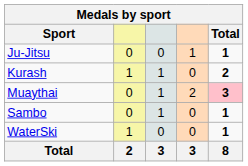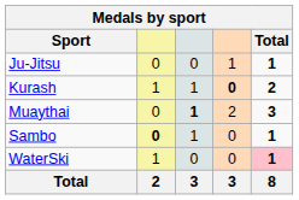 <table class="wikitable" style="font-size:90%; text-align:center;">
 <tr>
 <th colspan=5>Medals by sport</th>
 </tr>
 <tr>
 <th width=120>Sport</th>
 <th scope="col" width=30 style="background:#F7F6A8;"></th>
 <th scope="col" width=30 style="background:#DCE5E5;"></th>
 <th scope="col" width=30 style="background:#FFDAB9;"></th>
 <th width=30>Total</th>
 </tr>
 <tr>
 <td align=left> <a href='#'>Ju-Jitsu</a></td>
 <td style="background:#F7F6A8;">0</td>
 <td style="background:#DCE5E5;">0</td>
 <td style="background:#FFDAB9;">1</td>
 <td><strong>1</strong></td>
 </tr>
 <tr>
 <td align=left> <a href='#'>Kurash</a></td>
 <td style="background:#F7F6A8;">1</td>
 <td style="background:#DCE5E5;">1</td>
-<td style="background:#FFDAB9;">0</td>
+<td style="background:#FFDAB9;"><strong>0</strong></td>
 <td><strong>2</strong></td>
 </tr>
 <tr>
 <td align=left> <a href='#'>Muaythai</a></td>
 <td style="background:#F7F6A8;">0</td>
-<td style="background:#DCE5E5;">1</td>
+<td style="background:#DCE5E5;"><strong>1</strong></td>
 <td style="background:#FFDAB9;">2</td>
-<td style="background: pink;"><strong>3</strong></td>
+<td><strong>3</strong></td>
 </tr>
 <tr>
 <td align=left> <a href='#'>Sambo</a></td>
-<td style="background:#F7F6A8;">0</td>
+<td style="background:#F7F6A8;"><strong>0</strong></td>
 <td style="background:#DCE5E5;">1</td>
 <td style="background:#FFDAB9;">0</td>
 <td><strong>1</strong></td>
 </tr>
 <tr>
 <td align=left> <a href='#'>WaterSki</a></td>
 <td style="background:#F7F6A8;">1</td>
 <td style="background:#DCE5E5;">0</td>
 <td style="background:#FFDAB9;">0</td>
-<td><strong>1</strong></td>
+<td style="background: pink;"><strong>1</strong></td>
 </tr>
 <tr class="sortbottom">
 <th>Total</th>
 <th>2</th>
 <th>3</th>
 <th>3</th>
 <th>8</th>
 </tr>
 </table>
